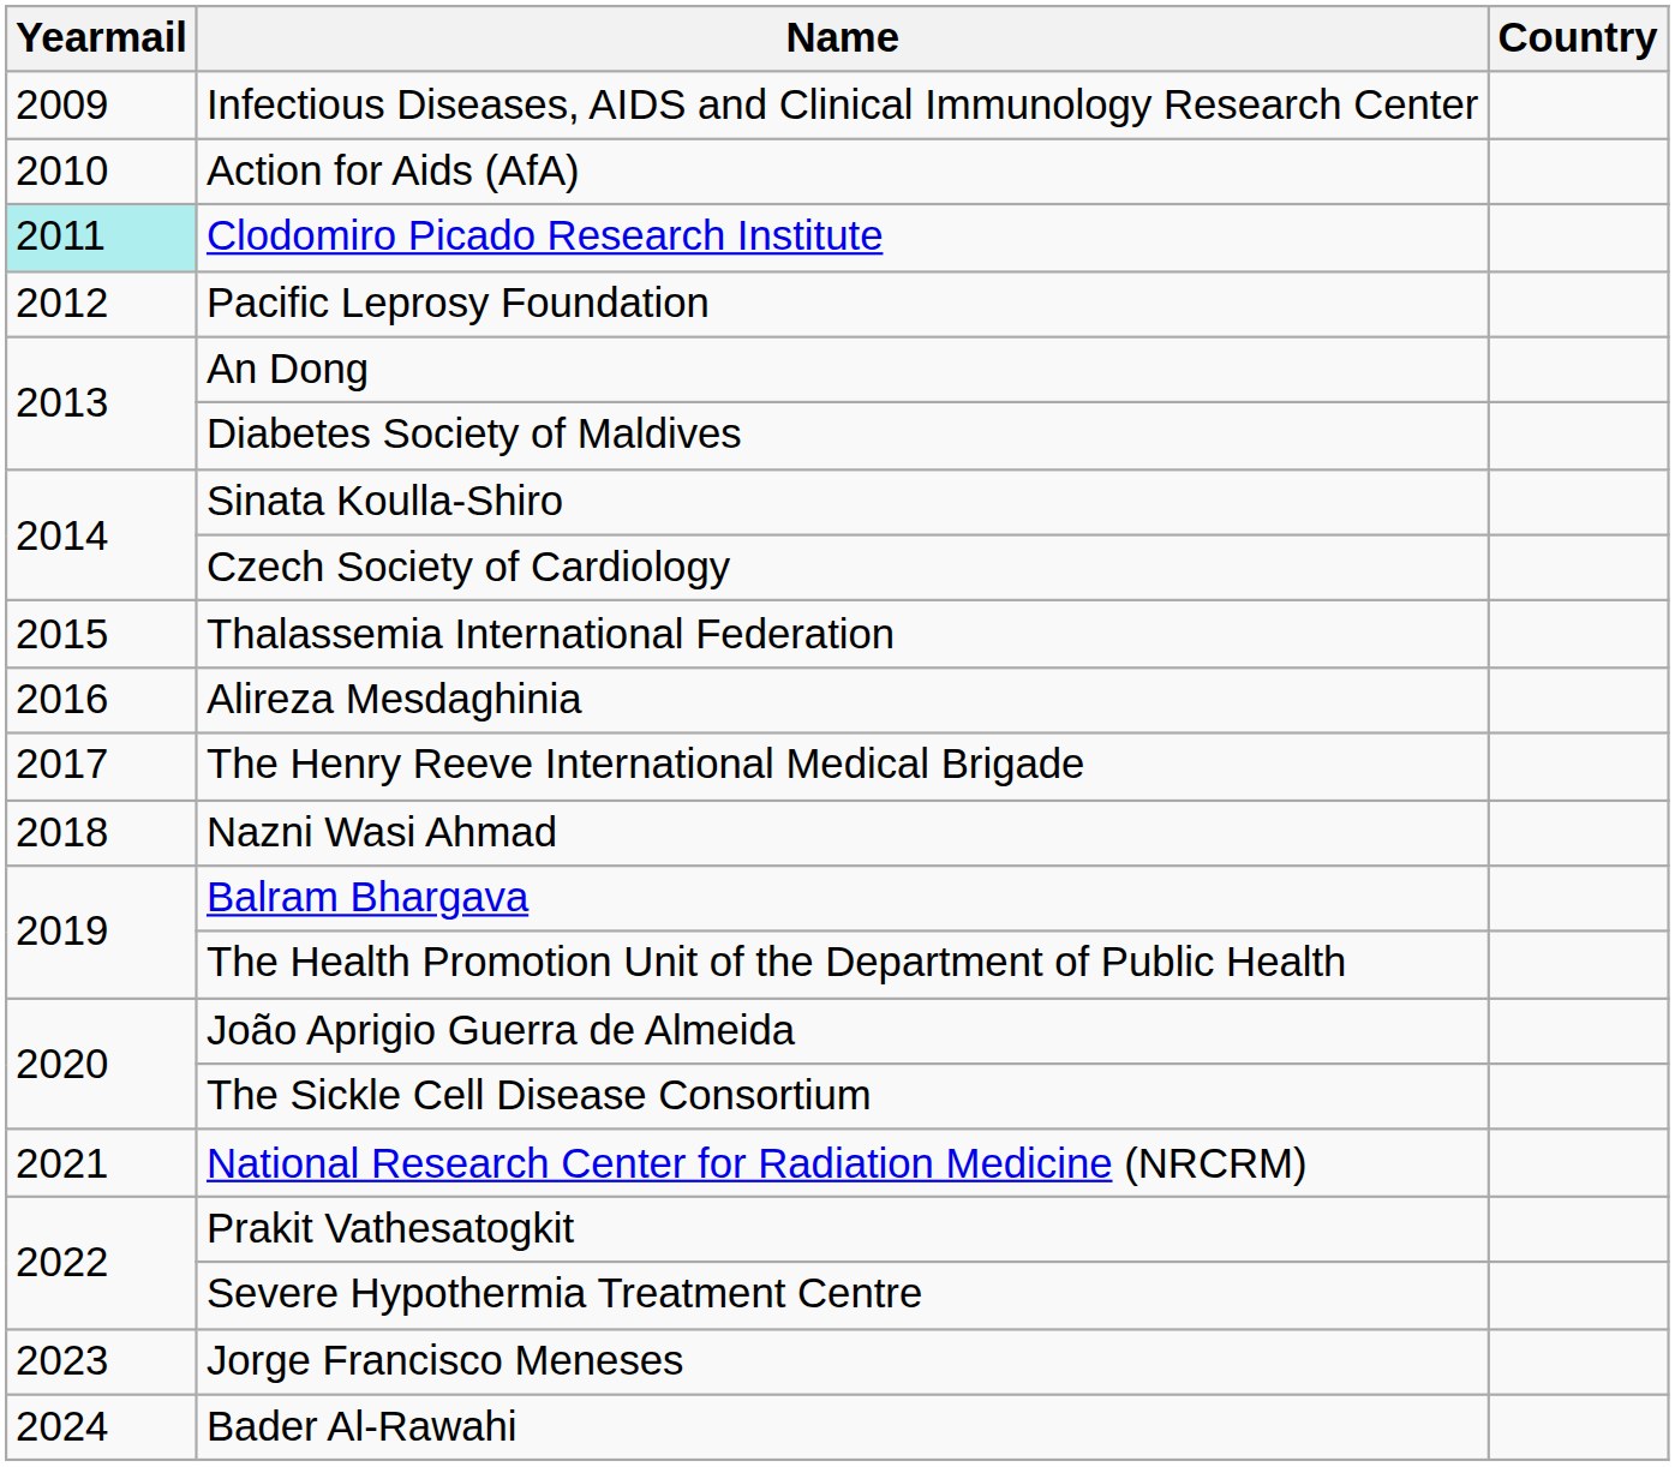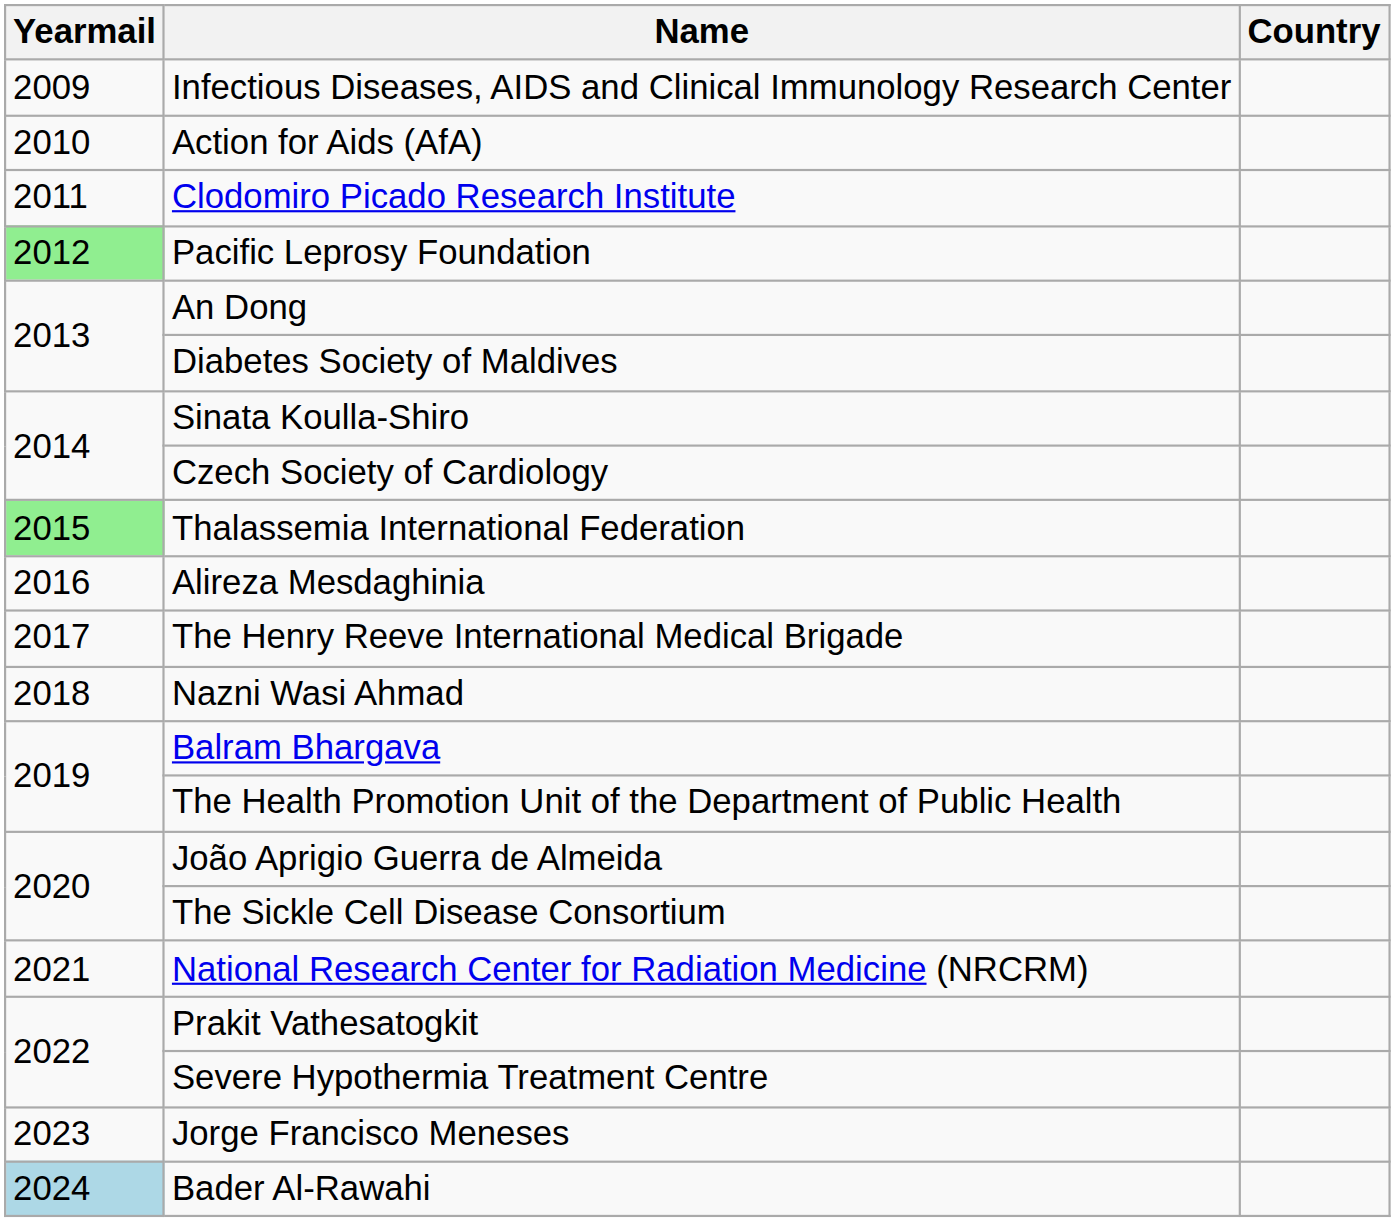 <table class="wikitable plainrowheaders sortable">
 <tr>
 <th>Yearmail</th>
 <th>Name</th>
 <th>Country</th>
 </tr>
 <tr>
 <td>2009</td>
 <td>Infectious Diseases, AIDS and Clinical Immunology Research Center</td>
 <td></td>
 </tr>
 <tr>
 <td>2010</td>
 <td>Action for Aids (AfA)</td>
 <td></td>
 </tr>
 <tr>
-<td style="background: paleturquoise;">2011</td>
+<td>2011</td>
 <td><a href='#'>Clodomiro Picado Research Institute</a></td>
 <td></td>
 </tr>
 <tr>
-<td>2012</td>
+<td style="background: lightgreen;">2012</td>
 <td>Pacific Leprosy Foundation</td>
 <td></td>
 </tr>
 <tr>
 <td rowspan="2">2013</td>
 <td>An Dong</td>
 <td></td>
 </tr>
 <tr>
 <td>Diabetes Society of Maldives</td>
 <td></td>
 </tr>
 <tr>
 <td rowspan="2">2014</td>
 <td>Sinata Koulla-Shiro</td>
 <td></td>
 </tr>
 <tr>
 <td>Czech Society of Cardiology</td>
 <td></td>
 </tr>
 <tr>
-<td>2015</td>
+<td style="background: lightgreen;">2015</td>
 <td>Thalassemia International Federation</td>
 <td></td>
 </tr>
 <tr>
 <td>2016</td>
 <td>Alireza Mesdaghinia</td>
 <td></td>
 </tr>
 <tr>
 <td>2017</td>
 <td>The Henry Reeve International Medical Brigade</td>
 <td></td>
 </tr>
 <tr>
 <td>2018</td>
 <td>Nazni Wasi Ahmad</td>
 <td></td>
 </tr>
 <tr>
 <td rowspan="2">2019</td>
 <td><a href='#'>Balram Bhargava</a></td>
 <td></td>
 </tr>
 <tr>
 <td>The Health Promotion Unit of the Department of Public Health</td>
 <td></td>
 </tr>
 <tr>
 <td rowspan="2">2020</td>
 <td>João Aprigio Guerra de Almeida</td>
 <td></td>
 </tr>
 <tr>
 <td>The Sickle Cell Disease Consortium</td>
 <td></td>
 </tr>
 <tr>
 <td>2021</td>
 <td><a href='#'>National Research Center for Radiation Medicine</a> (NRCRM)</td>
 <td></td>
 </tr>
 <tr>
 <td rowspan="2">2022</td>
 <td>Prakit Vathesatogkit</td>
 <td></td>
 </tr>
 <tr>
 <td>Severe Hypothermia Treatment Centre</td>
 <td></td>
 </tr>
 <tr>
 <td>2023</td>
 <td>Jorge Francisco Meneses</td>
 <td></td>
 </tr>
 <tr>
-<td>2024</td>
+<td style="background: lightblue;">2024</td>
 <td>Bader Al-Rawahi</td>
 <td></td>
 </tr>
 </table>
